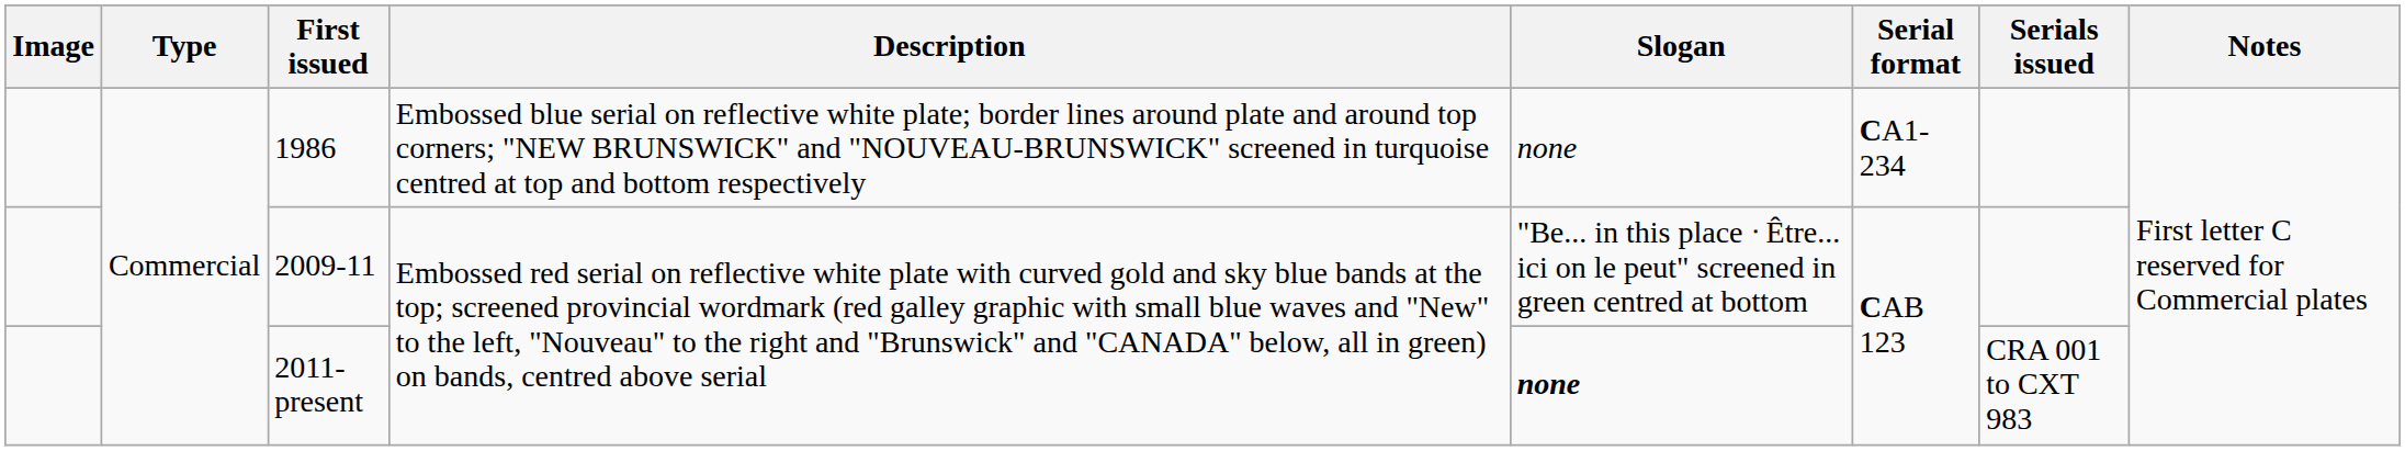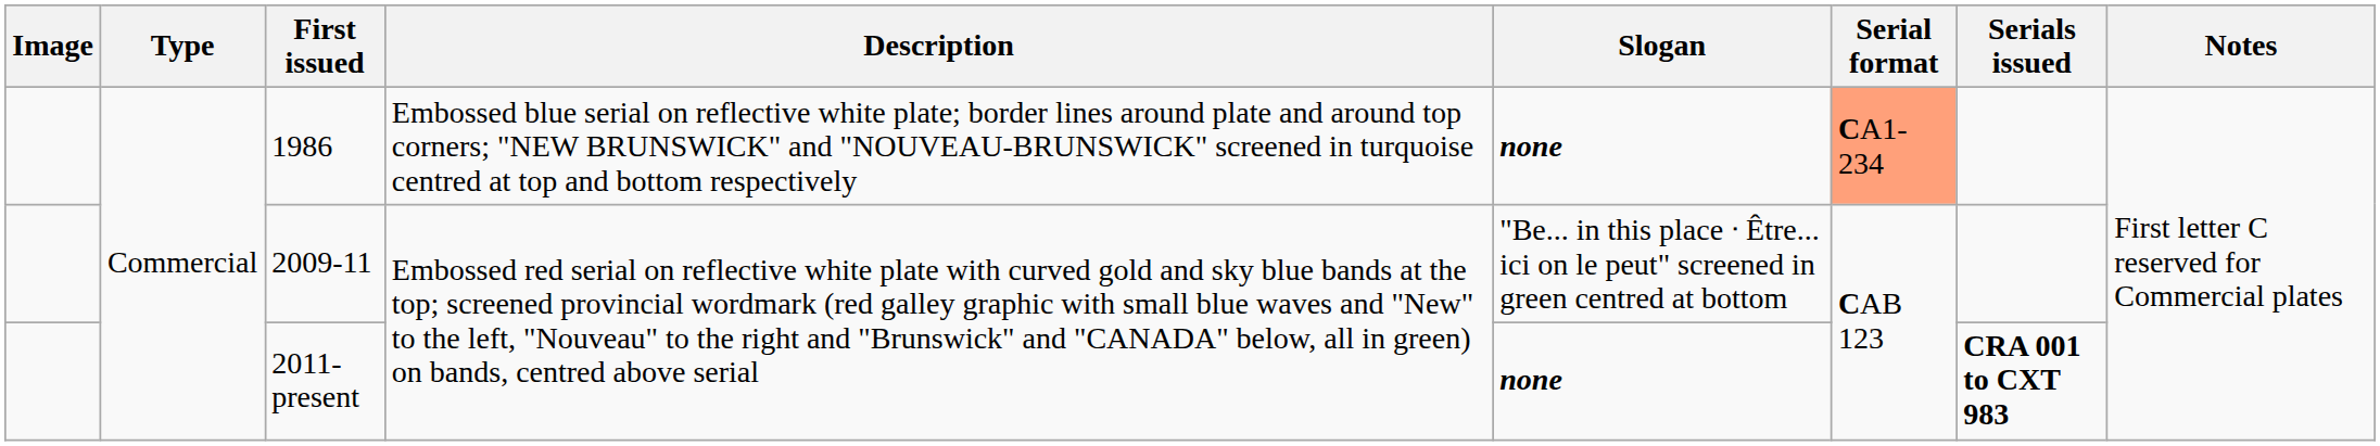 <table class="wikitable">
 <tr>
 <th>Image</th>
 <th>Type</th>
 <th>First issued</th>
 <th>Description</th>
 <th>Slogan</th>
 <th>Serial format</th>
 <th>Serials issued</th>
 <th>Notes</th>
 </tr>
 <tr>
 <td></td>
 <td rowspan="3">Commercial</td>
 <td>1986</td>
 <td>Embossed blue serial on reflective white plate; border lines around plate and around top corners; "NEW BRUNSWICK" and "NOUVEAU-BRUNSWICK" screened in turquoise centred at top and bottom respectively</td>
-<td><em>none</em></td>
-<td><strong>C</strong>A1-234</td>
+<td><strong><em>none</em></strong></td>
+<td style="background: lightsalmon;"><strong>C</strong>A1-234</td>
 <td></td>
 <td rowspan="3">First letter C reserved for Commercial plates</td>
 </tr>
 <tr>
 <td></td>
 <td>2009-11</td>
 <td rowspan="2">Embossed red serial on reflective white plate with curved gold and sky blue bands at the top; screened provincial wordmark (red galley graphic with small blue waves and "New" to the left, "Nouveau" to the right and "Brunswick" and "CANADA" below, all in green) on bands, centred above serial</td>
 <td>"Be... in this place  ᐧ  Être... ici on le peut" screened in green centred at bottom</td>
 <td rowspan="2"><strong>C</strong>AB 123</td>
 <td></td>
 </tr>
 <tr>
 <td></td>
 <td>2011-present</td>
 <td><strong><em>none</em></strong></td>
-<td>CRA 001 to CXT 983 </td>
+<td><strong>CRA 001 to CXT 983 </strong></td>
 </tr>
 </table>
